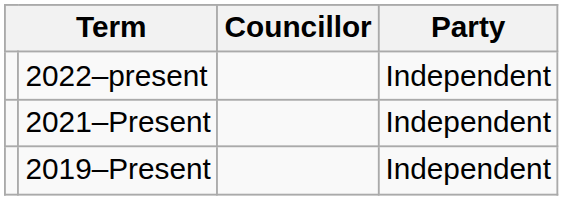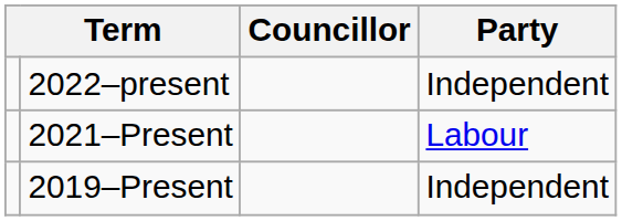 <table class="wikitable">
 <tr>
 <th colspan=2>Term</th>
 <th>Councillor</th>
 <th>Party</th>
 </tr>
 <tr>
 <td style="background-color: "></td>
 <td>2022–present</td>
 <td></td>
 <td>Independent</td>
 </tr>
 <tr>
 <td style="background-color: "></td>
 <td>2021–Present</td>
 <td></td>
-<td>Independent</td>
+<td><a href='#'>Labour</a></td>
 </tr>
 <tr>
 <td style="background-color: "></td>
 <td>2019–Present</td>
 <td></td>
 <td>Independent</td>
 </tr>
 </table>
